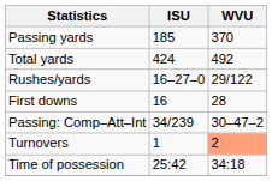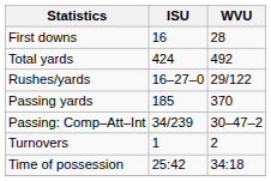 <table class="wikitable" style="float: left;">
 <tr>
 <th>Statistics</th>
 <th>ISU</th>
 <th>WVU</th>
 </tr>
 <tr>
-<td>Passing yards</td>
-<td>185</td>
-<td>370</td>
+<td>First downs</td>
+<td>16</td>
+<td>28</td>
 </tr>
 <tr>
 <td>Total yards</td>
 <td>424</td>
 <td>492</td>
 </tr>
 <tr>
 <td>Rushes/yards</td>
 <td>16–27–0</td>
 <td>29/122</td>
 </tr>
 <tr>
-<td>First downs</td>
-<td>16</td>
-<td>28</td>
+<td>Passing yards</td>
+<td>185</td>
+<td>370</td>
 </tr>
 <tr>
 <td>Passing: Comp–Att–Int</td>
 <td>34/239</td>
 <td>30–47–2</td>
 </tr>
 <tr>
 <td>Turnovers</td>
 <td>1</td>
-<td style="background: lightsalmon;">2</td>
+<td>2</td>
 </tr>
 <tr>
 <td>Time of possession</td>
 <td>25:42</td>
 <td>34:18</td>
 </tr>
 <tr>
 </tr>
 </table>
